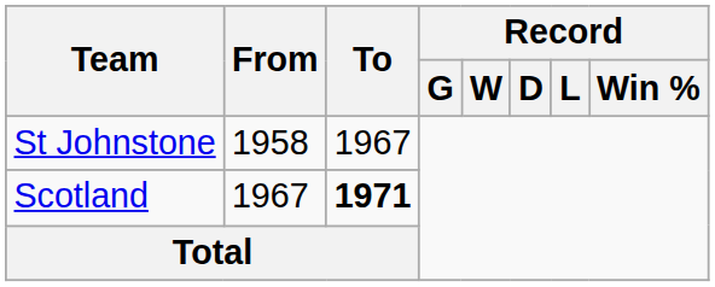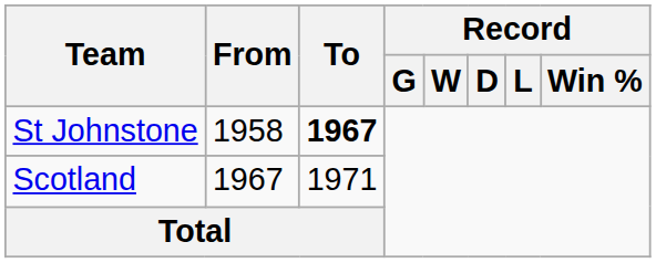 <table class="wikitable" style="text-align: center">
 <tr>
 <th rowspan="2">Team</th>
 <th rowspan="2">From</th>
 <th rowspan="2">To</th>
 <th colspan="5">Record</th>
 </tr>
 <tr>
 <th>G</th>
 <th>W</th>
 <th>D</th>
 <th>L</th>
 <th>Win %</th>
 </tr>
 <tr>
 <td align=left><a href='#'>St Johnstone</a></td>
 <td align=left>1958</td>
-<td align=left>1967<br></td>
+<td align=left><strong>1967<br></strong></td>
 </tr>
 <tr>
 <td align=left><a href='#'>Scotland</a></td>
 <td align=left>1967</td>
-<td align=left><strong>1971<br></strong></td>
+<td align=left>1971<br></td>
 </tr>
 <tr>
 <th colspan=3>Total<br></th>
 </tr>
 </table>
